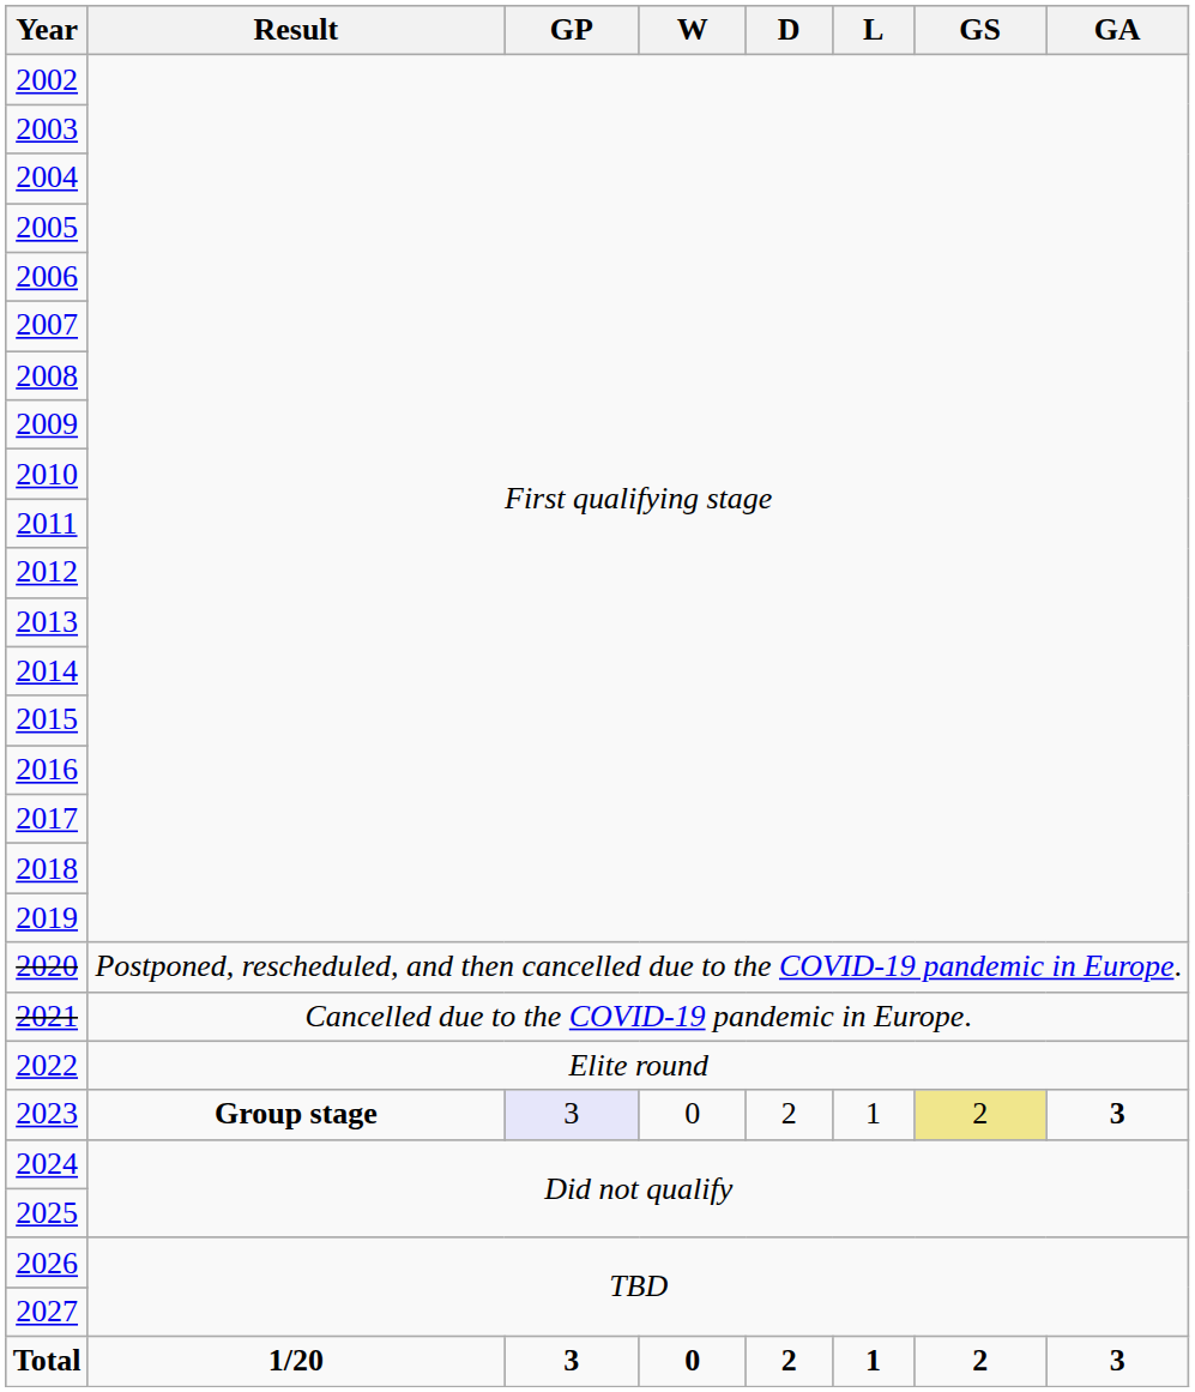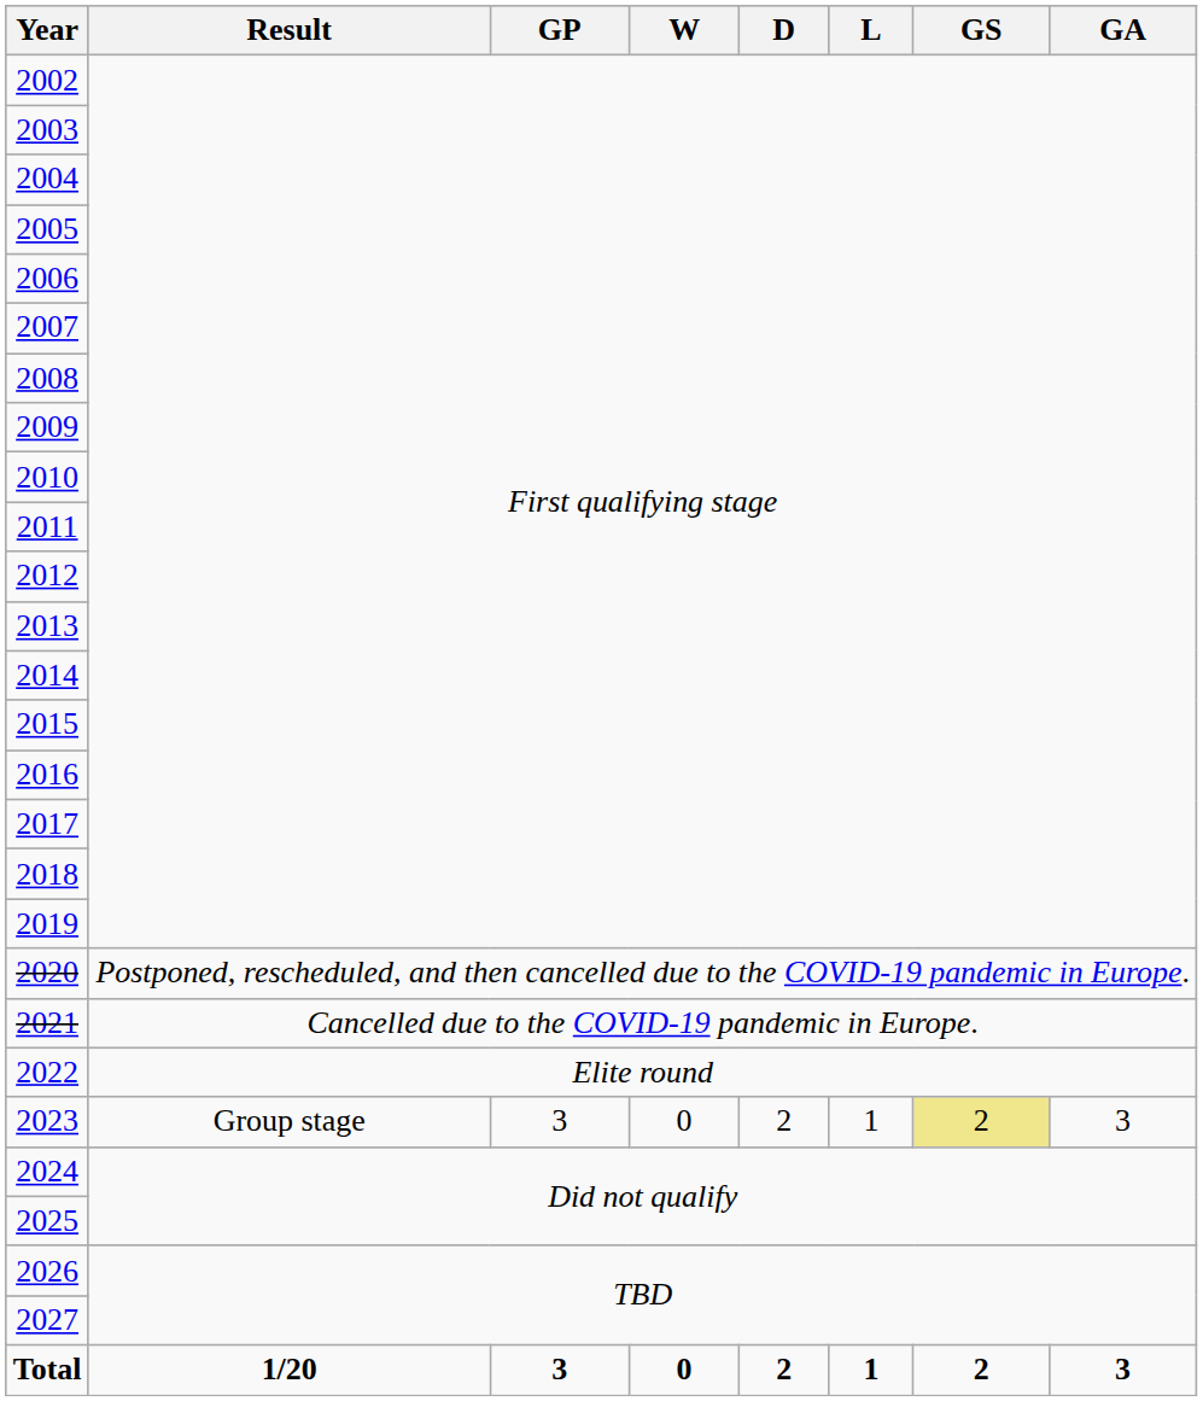 <table class="wikitable" style="text-align: center;">
 <tr>
 <th>Year</th>
 <th>Result</th>
 <th>GP</th>
 <th>W</th>
 <th>D</th>
 <th>L</th>
 <th>GS</th>
 <th>GA</th>
 </tr>
 <tr>
 <td> <a href='#'>2002</a></td>
 <td rowspan=18 colspan=8><em>First qualifying stage</em></td>
 </tr>
 <tr>
 <td> <a href='#'>2003</a></td>
 </tr>
 <tr>
 <td> <a href='#'>2004</a></td>
 </tr>
 <tr>
 <td> <a href='#'>2005</a></td>
 </tr>
 <tr>
 <td> <a href='#'>2006</a></td>
 </tr>
 <tr>
 <td> <a href='#'>2007</a></td>
 </tr>
 <tr>
 <td> <a href='#'>2008</a></td>
 </tr>
 <tr>
 <td> <a href='#'>2009</a></td>
 </tr>
 <tr>
 <td> <a href='#'>2010</a></td>
 </tr>
 <tr>
 <td> <a href='#'>2011</a></td>
 </tr>
 <tr>
 <td> <a href='#'>2012</a></td>
 </tr>
 <tr>
 <td> <a href='#'>2013</a></td>
 </tr>
 <tr>
 <td> <a href='#'>2014</a></td>
 </tr>
 <tr>
 <td> <a href='#'>2015</a></td>
 </tr>
 <tr>
 <td> <a href='#'>2016</a></td>
 </tr>
 <tr>
 <td> <a href='#'>2017</a></td>
 </tr>
 <tr>
 <td> <a href='#'>2018</a></td>
 </tr>
 <tr>
 <td> <a href='#'>2019</a></td>
 </tr>
 <tr>
 <td> <s><a href='#'>2020</a></s></td>
 <td colspan=8><em>Postponed, rescheduled, and then cancelled due to the <a href='#'>COVID-19 pandemic in Europe</a></em>.</td>
 </tr>
 <tr>
 <td> <s><a href='#'>2021</a></s></td>
 <td colspan=8><em>Cancelled due to the <a href='#'>COVID-19</a> pandemic in Europe</em>.</td>
 </tr>
 <tr>
 <td> <a href='#'>2022</a></td>
 <td colspan=8><em>Elite round</em></td>
 </tr>
 <tr>
 <td> <a href='#'>2023</a></td>
-<td><strong>Group stage</strong></td>
-<td style="background: lavender;">3</td>
+<td>Group stage</td>
+<td>3</td>
 <td>0</td>
 <td>2</td>
 <td>1</td>
 <td style="background: khaki;">2</td>
-<td><strong>3</strong></td>
+<td>3</td>
 </tr>
 <tr>
 <td> <a href='#'>2024</a></td>
 <td colspan=8 rowspan=2><em>Did not qualify</em></td>
 </tr>
 <tr>
 <td> <a href='#'>2025</a></td>
 </tr>
 <tr>
 <td> <a href='#'>2026</a></td>
 <td colspan=8 rowspan=2><em>TBD</em></td>
 </tr>
 <tr>
 <td> <a href='#'>2027</a></td>
 </tr>
 <tr>
 <td><strong>Total</strong></td>
 <td><strong>1/20</strong></td>
 <td><strong>3</strong></td>
 <td><strong>0</strong></td>
 <td><strong>2</strong></td>
 <td><strong>1</strong></td>
 <td><strong>2</strong></td>
 <td><strong>3</strong></td>
 </tr>
 </table>
